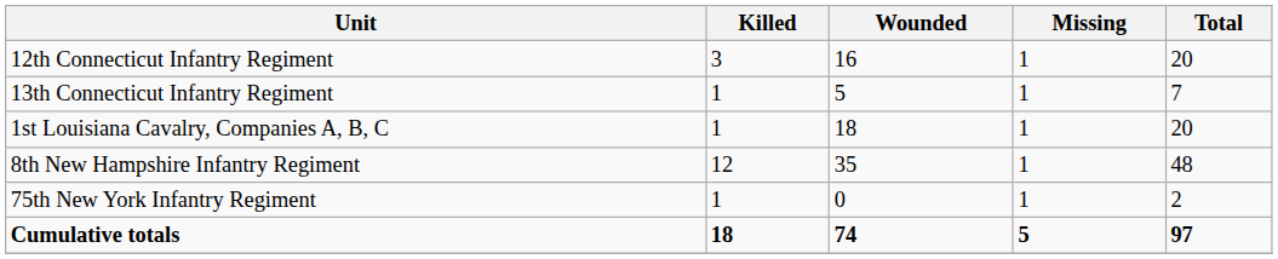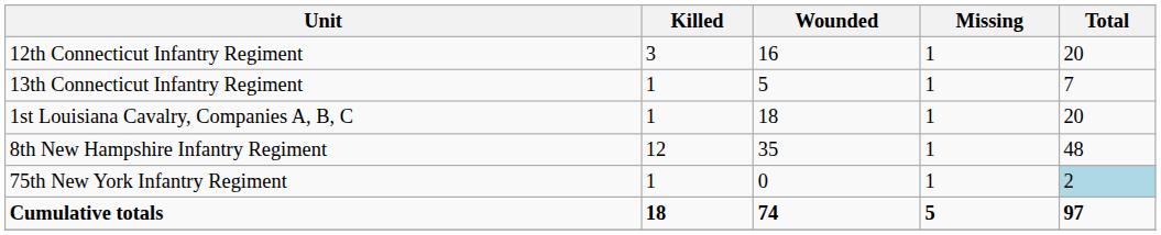 <table class="wikitable" style="text-align:left; width:72%;">
 <tr>
 <th>Unit</th>
 <th>Killed</th>
 <th>Wounded</th>
 <th>Missing</th>
 <th>Total</th>
 </tr>
 <tr>
 <td rowspan=1>12th Connecticut Infantry Regiment</td>
 <td>3</td>
 <td>16</td>
 <td>1</td>
 <td>20</td>
 </tr>
 <tr>
 <td rowspan=1>13th Connecticut Infantry Regiment</td>
 <td>1</td>
 <td>5</td>
 <td>1</td>
 <td>7</td>
 </tr>
 <tr>
 <td rowspan=1>1st Louisiana Cavalry, Companies A, B, C</td>
 <td>1</td>
 <td>18</td>
 <td>1</td>
 <td>20</td>
 </tr>
 <tr>
 <td rowspan=1>8th New Hampshire Infantry Regiment</td>
 <td>12</td>
 <td>35</td>
 <td>1</td>
 <td>48</td>
 </tr>
 <tr>
 <td rowspan=1>75th New York Infantry Regiment</td>
 <td>1</td>
 <td>0</td>
 <td>1</td>
-<td>2</td>
+<td style="background: lightblue;">2</td>
 </tr>
 <tr>
 <td rowspan=1><strong>Cumulative totals</strong></td>
 <td><strong>18</strong></td>
 <td><strong>74</strong></td>
 <td><strong>5</strong></td>
 <td><strong>97</strong></td>
 </tr>
 <tr>
 </tr>
 </table>
